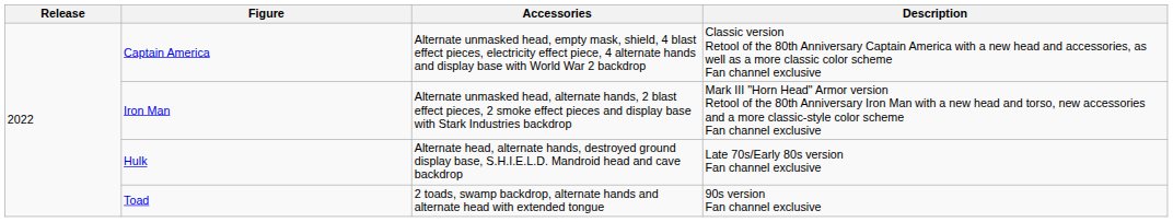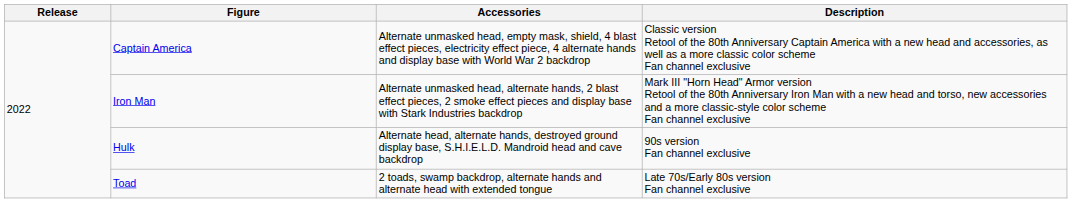 <table class="wikitable" style="width:80%;">
 <tr>
 <th width=10%>Release</th>
 <th width=25%>Figure</th>
 <th width=25%>Accessories</th>
 <th width=40%>Description</th>
 </tr>
 <tr>
 <td rowspan=4>2022</td>
 <td><a href='#'>Captain America</a></td>
 <td>Alternate unmasked head, empty mask, shield, 4 blast effect pieces, electricity effect piece, 4 alternate hands and display base with World War 2 backdrop</td>
 <td>Classic version<br>Retool of the 80th Anniversary Captain America with a new head and accessories, as well as a more classic color scheme<br>Fan channel exclusive</td>
 </tr>
 <tr>
 <td><a href='#'>Iron Man</a></td>
 <td>Alternate unmasked head, alternate hands, 2 blast effect pieces, 2 smoke effect pieces and display base with Stark Industries backdrop</td>
 <td>Mark III "Horn Head" Armor version<br>Retool of the 80th Anniversary Iron Man with a new head and torso, new accessories and a more classic-style color scheme<br>Fan channel exclusive</td>
 </tr>
 <tr>
 <td><a href='#'>Hulk</a></td>
 <td>Alternate head, alternate hands, destroyed ground display base, S.H.I.E.L.D. Mandroid head and cave backdrop</td>
-<td>Late 70s/Early 80s version<br>Fan channel exclusive</td>
+<td>90s version<br>Fan channel exclusive</td>
 </tr>
 <tr>
 <td><a href='#'>Toad</a></td>
 <td>2 toads, swamp backdrop, alternate hands and alternate head with extended tongue</td>
-<td>90s version<br>Fan channel exclusive</td>
+<td>Late 70s/Early 80s version<br>Fan channel exclusive</td>
 </tr>
 </table>
